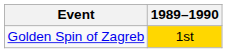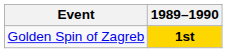 <table class="wikitable" style="text-align:center">
 <tr>
 <th>Event</th>
 <th>1989–1990</th>
 </tr>
 <tr>
 <td align=left><a href='#'>Golden Spin of Zagreb</a></td>
-<td bgcolor=gold>1st</td>
+<td bgcolor=gold><strong>1st</strong></td>
 </tr>
 </table>
